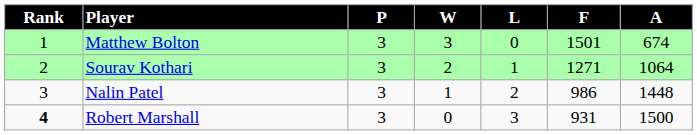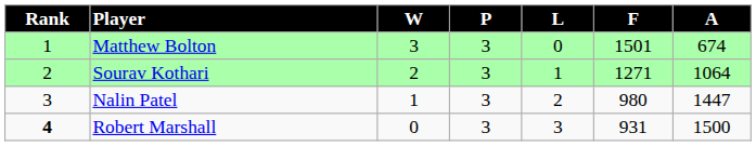 <table border="2" cellpadding="2" cellspacing="0" style="margin: 0; background: #f9f9f9; border: 1px #aaa solid; border-collapse: collapse; font-size: 100%;" width=50%>
 <tr>
 <th bgcolor="000000" style="color:white; text-align:center" width=5%>Rank</th>
 <th bgcolor="000000" style="color:white; text-align:left" width=20%>Player</th>
+<th bgcolor="000000" style="color:white; text-align:center" width=5%>W</th>
 <th bgcolor="000000" style="color:white; text-align:center" width=5%>P</th>
-<th bgcolor="000000" style="color:white; text-align:center" width=5%>W</th>
 <th bgcolor="000000" style="color:white; text-align:center" width=5%>L</th>
 <th bgcolor="000000" style="color:white; text-align:center" width=5%>F</th>
 <th bgcolor="000000" style="color:white; text-align:center" width=5%>A</th>
 </tr>
 <tr>
 <td style="text-align:center; background:#aaffaa">1</td>
 <td style="text-align:left; background:#aaffaa"> <a href='#'>Matthew Bolton</a></td>
 <td style="text-align:center; background:#aaffaa">3</td>
 <td style="text-align:center; background:#aaffaa">3</td>
 <td style="text-align:center; background:#aaffaa">0</td>
 <td style="text-align:center; background:#aaffaa">1501</td>
 <td style="text-align:center; background:#aaffaa">674</td>
 </tr>
 <tr>
 <td style="text-align:center; background:#aaffaa">2</td>
 <td style="text-align:left; background:#aaffaa"> <a href='#'>Sourav Kothari</a></td>
+<td style="text-align:center; background:#aaffaa">2</td>
 <td style="text-align:center; background:#aaffaa">3</td>
-<td style="text-align:center; background:#aaffaa">2</td>
 <td style="text-align:center; background:#aaffaa">1</td>
 <td style="text-align:center; background:#aaffaa">1271</td>
 <td style="text-align:center; background:#aaffaa">1064</td>
 </tr>
 <tr>
 <td style="text-align:center">3</td>
 <td style="text-align:left;"> <a href='#'>Nalin Patel</a></td>
+<td style="text-align:center;">1</td>
 <td style="text-align:center;">3</td>
-<td style="text-align:center;">1</td>
 <td style="text-align:center;">2</td>
-<td style="text-align:center;">986</td>
-<td style="text-align:center;">1448</td>
+<td style="text-align:center;">980</td>
+<td style="text-align:center;">1447</td>
 </tr>
 <tr>
 <td style="text-align:center"><strong>4</strong></td>
 <td style="text-align:left;"> <a href='#'>Robert Marshall</a></td>
+<td style="text-align:center;">0</td>
 <td style="text-align:center;">3</td>
-<td style="text-align:center;">0</td>
 <td style="text-align:center;">3</td>
 <td style="text-align:center;">931</td>
 <td style="text-align:center;">1500</td>
 </tr>
 </table>
